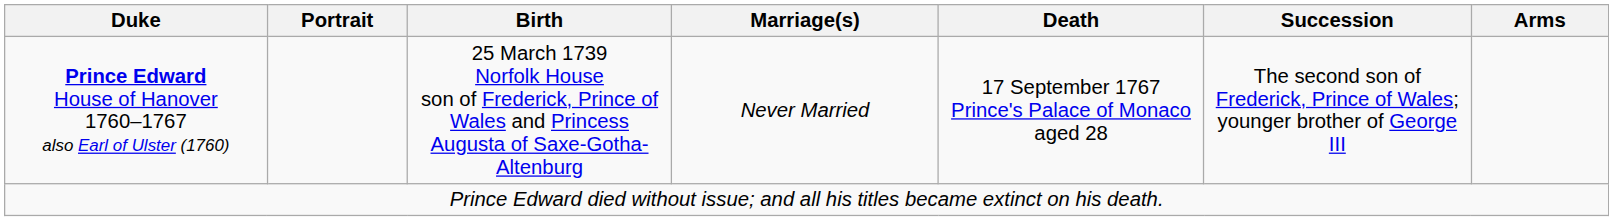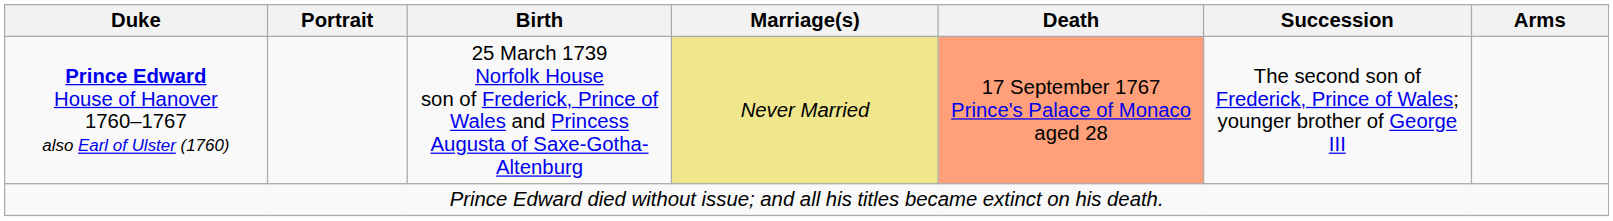 <table class="wikitable" style="width:100%;text-align:center;">
 <tr>
 <th width="220">Duke</th>
 <th width="110">Portrait</th>
 <th width="220">Birth</th>
 <th width="220">Marriage(s)</th>
 <th width="220">Death</th>
 <th width="220">Succession</th>
 <th width="110">Arms</th>
 </tr>
 <tr>
 <td><strong><a href='#'>Prince Edward</a></strong><br><a href='#'>House of Hanover</a><br>1760–1767<br><em><small>also <a href='#'>Earl of Ulster</a> (1760)</small></em></td>
 <td></td>
 <td>25 March 1739<br><a href='#'>Norfolk House</a><br>son of <a href='#'>Frederick, Prince of Wales</a> and <a href='#'>Princess Augusta of Saxe-Gotha-Altenburg</a></td>
-<td><em>Never Married</em></td>
-<td>17 September 1767<br><a href='#'>Prince's Palace of Monaco</a><br>aged 28</td>
+<td style="background: khaki;"><em>Never Married</em></td>
+<td style="background: lightsalmon;">17 September 1767<br><a href='#'>Prince's Palace of Monaco</a><br>aged 28</td>
 <td>The second son of <a href='#'>Frederick, Prince of Wales</a>; younger brother of <a href='#'>George III</a></td>
 <td></td>
 </tr>
 <tr>
 <td colspan="7"><em>Prince Edward died without issue; and all his titles became extinct on his death.</em></td>
 </tr>
 </table>
